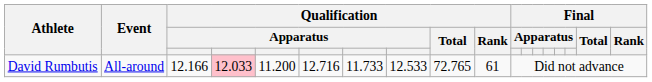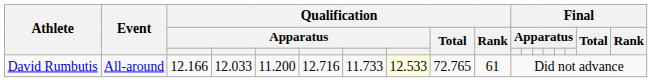 <table class="wikitable" style="font-size:90%">
 <tr>
 <th rowspan=3>Athlete</th>
 <th rowspan=3>Event</th>
 <th colspan =8>Qualification</th>
 <th colspan =8>Final</th>
 </tr>
 <tr style="font-size:95%">
 <th colspan=6>Apparatus</th>
 <th rowspan=2>Total</th>
 <th rowspan=2>Rank</th>
 <th colspan=6>Apparatus</th>
 <th rowspan=2>Total</th>
 <th rowspan=2>Rank</th>
 </tr>
 <tr style="font-size:95%">
 <th></th>
 <th></th>
 <th></th>
 <th></th>
 <th></th>
 <th></th>
 <th></th>
 <th></th>
 <th></th>
 <th></th>
 <th></th>
 <th></th>
 </tr>
 <tr align=center>
 <td align=left><a href='#'>David Rumbutis</a></td>
 <td align=left><a href='#'>All-around</a></td>
 <td>12.166</td>
-<td style="background: pink;">12.033</td>
+<td>12.033</td>
 <td>11.200</td>
 <td>12.716</td>
 <td>11.733</td>
-<td>12.533</td>
+<td style="background: lightyellow;">12.533</td>
 <td>72.765</td>
 <td>61</td>
 <td colspan=8>Did not advance</td>
 </tr>
 </table>
